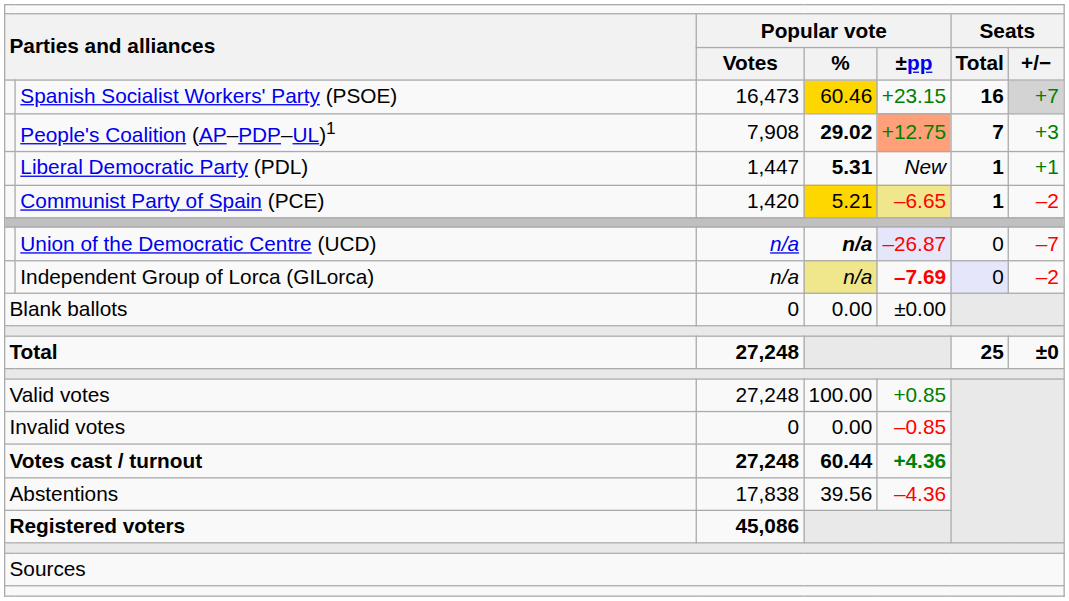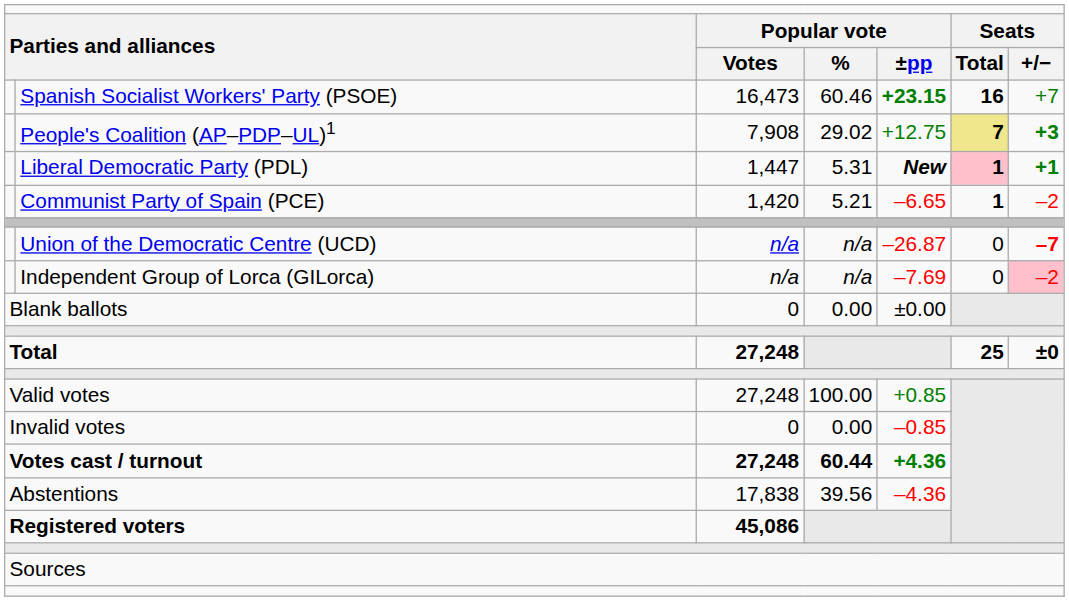 <table class="wikitable" style="text-align:right;">
 <tr>
 <td colspan="7"></td>
 </tr>
 <tr>
 <th style="text-align:left;" rowspan="2" colspan="2" width="525">Parties and alliances</th>
 <th colspan="3">Popular vote</th>
 <th colspan="2">Seats</th>
 </tr>
 <tr>
 <th width="75">Votes</th>
 <th width="45">%</th>
 <th width="45">±<a href='#'>pp</a></th>
 <th width="35">Total</th>
 <th width="35">+/−</th>
 </tr>
 <tr>
 <td width="1" style="color:inherit;background:"></td>
 <td align="left"><a href='#'>Spanish Socialist Workers' Party</a> (PSOE)</td>
 <td>16,473</td>
-<td style="background: gold;">60.46</td>
-<td style="color:green;">+23.15</td>
+<td>60.46</td>
+<td style="color:green;"><strong>+23.15</strong></td>
 <td><strong>16</strong></td>
-<td style="background: lightgrey; color:green;">+7</td>
+<td style="color:green;">+7</td>
 </tr>
 <tr>
 <td style="color:inherit;background:"></td>
 <td align="left"><a href='#'>People's Coalition</a> (<a href='#'>AP</a>–<a href='#'>PDP</a>–<a href='#'>UL</a>)<sup>1</sup></td>
 <td>7,908</td>
-<td><strong>29.02</strong></td>
-<td style="background: lightsalmon; color:green;">+12.75</td>
-<td><strong>7</strong></td>
-<td style="color:green;">+3</td>
+<td>29.02</td>
+<td style="color:green;">+12.75</td>
+<td style="background: khaki;"><strong>7</strong></td>
+<td style="color:green;"><strong>+3</strong></td>
 </tr>
 <tr>
 <td style="color:inherit;background:"></td>
 <td align="left"><a href='#'>Liberal Democratic Party</a> (PDL)</td>
 <td>1,447</td>
-<td><strong>5.31</strong></td>
-<td><em>New</em></td>
-<td><strong>1</strong></td>
-<td style="color:green;">+1</td>
+<td>5.31</td>
+<td><strong><em>New</em></strong></td>
+<td style="background: pink;"><strong>1</strong></td>
+<td style="color:green;"><strong>+1</strong></td>
 </tr>
 <tr>
 <td style="color:inherit;background:"></td>
 <td align="left"><a href='#'>Communist Party of Spain</a> (PCE)</td>
 <td>1,420</td>
-<td style="background: gold;">5.21</td>
-<td style="background: khaki; color:red;">–6.65</td>
+<td>5.21</td>
+<td style="color:red;">–6.65</td>
 <td><strong>1</strong></td>
 <td style="color:red;">–2</td>
 </tr>
 <tr>
 <td colspan="7" bgcolor="#C0C0C0"></td>
 </tr>
 <tr>
 <td style="color:inherit;background:"></td>
 <td align="left"><a href='#'>Union of the Democratic Centre</a> (UCD)</td>
 <td><em><a href='#'>n/a</a></em></td>
-<td><strong><em>n/a</em></strong></td>
-<td style="background: lavender; color:red;">–26.87</td>
+<td><em>n/a</em></td>
+<td style="color:red;">–26.87</td>
 <td>0</td>
-<td style="color:red;">–7</td>
+<td style="color:red;"><strong>–7</strong></td>
 </tr>
 <tr>
 <td style="color:inherit;background:"></td>
 <td align="left">Independent Group of Lorca (GILorca)</td>
 <td><em>n/a</em></td>
-<td style="background: khaki;"><em>n/a</em></td>
-<td style="color:red;"><strong>–7.69</strong></td>
-<td style="background: lavender;">0</td>
-<td style="color:red;">–2</td>
+<td><em>n/a</em></td>
+<td style="color:red;">–7.69</td>
+<td>0</td>
+<td style="background: pink; color:red;">–2</td>
 </tr>
 <tr>
 <td align="left" colspan="2">Blank ballots</td>
 <td>0</td>
 <td>0.00</td>
 <td>±0.00</td>
 <td bgcolor="#E9E9E9" colspan="2"></td>
 </tr>
 <tr>
 <td colspan="7" bgcolor="#E9E9E9"></td>
 </tr>
 <tr style="font-weight:bold;">
 <td align="left" colspan="2">Total</td>
 <td>27,248</td>
 <td bgcolor="#E9E9E9" colspan="2"></td>
 <td>25</td>
 <td>±0</td>
 </tr>
 <tr>
 <td colspan="7" bgcolor="#E9E9E9"></td>
 </tr>
 <tr>
 <td align="left" colspan="2">Valid votes</td>
 <td>27,248</td>
 <td>100.00</td>
 <td style="color:green;">+0.85</td>
 <td bgcolor="#E9E9E9" colspan="2" rowspan="5"></td>
 </tr>
 <tr>
 <td align="left" colspan="2">Invalid votes</td>
 <td>0</td>
 <td>0.00</td>
 <td style="color:red;">–0.85</td>
 </tr>
 <tr style="font-weight:bold;">
 <td align="left" colspan="2">Votes cast / turnout</td>
 <td>27,248</td>
 <td>60.44</td>
 <td style="color:green;">+4.36</td>
 </tr>
 <tr>
 <td align="left" colspan="2">Abstentions</td>
 <td>17,838</td>
 <td>39.56</td>
 <td style="color:red;">–4.36</td>
 </tr>
 <tr style="font-weight:bold;">
 <td align="left" colspan="2">Registered voters</td>
 <td>45,086</td>
 <td bgcolor="#E9E9E9" colspan="2"></td>
 </tr>
 <tr>
 <td colspan="7" bgcolor="#E9E9E9"></td>
 </tr>
 <tr>
 <td align="left" colspan="7">Sources</td>
 </tr>
 <tr>
 <td colspan="7" style="text-align:left; max-width:790px;"></td>
 </tr>
 </table>
